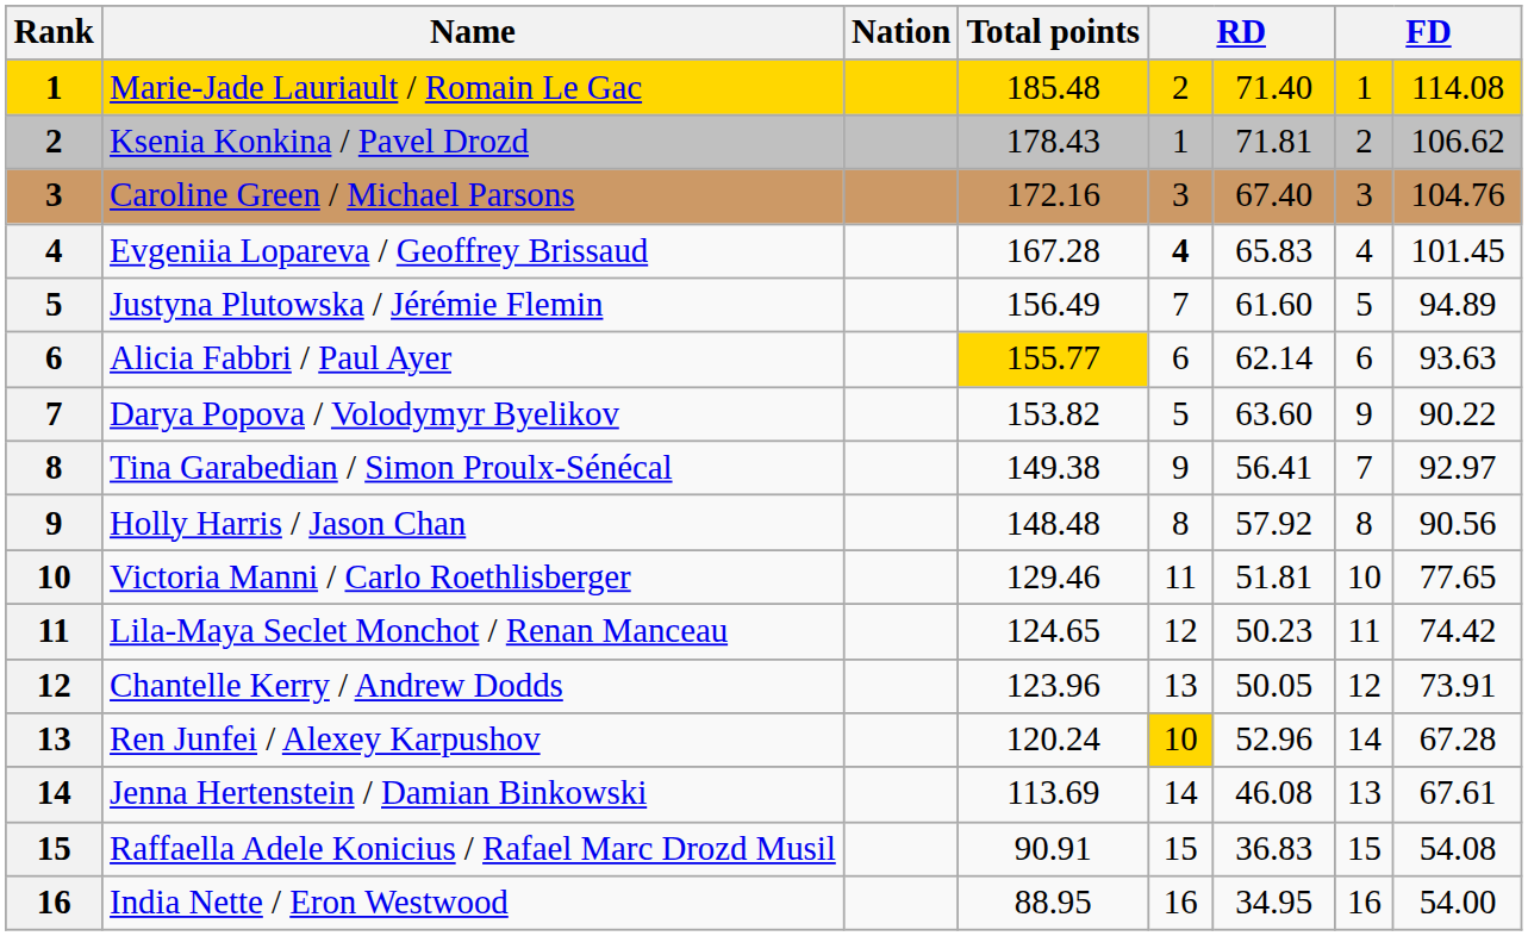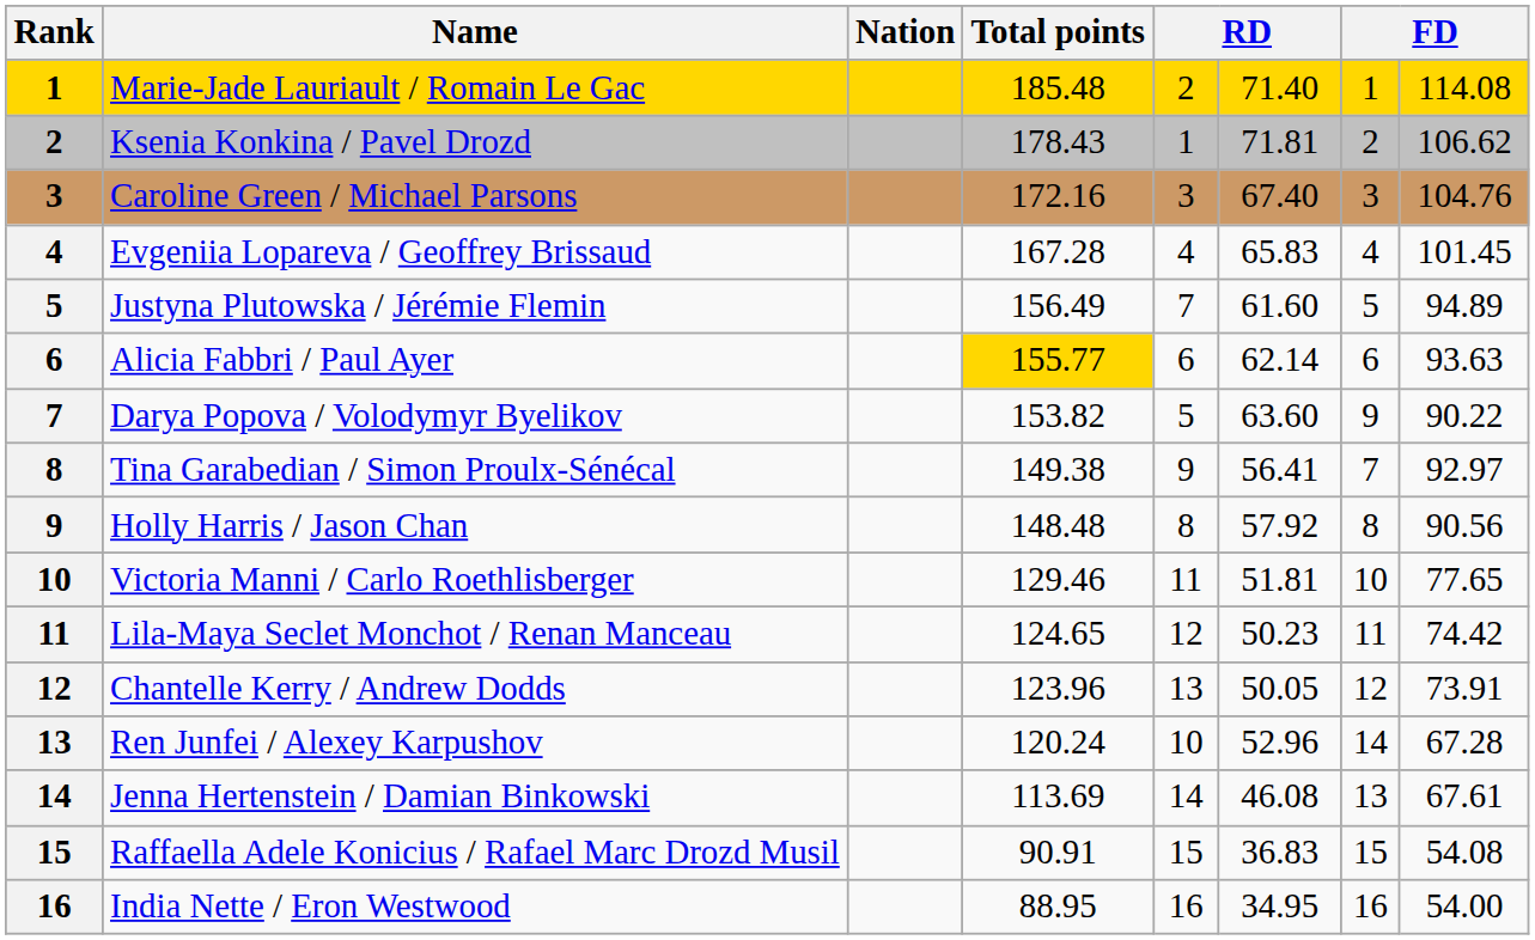 <table class="wikitable sortable">
 <tr>
 <th>Rank</th>
 <th>Name</th>
 <th>Nation</th>
 <th>Total points</th>
 <th colspan="2" width="80px"><a href='#'>RD</a></th>
 <th colspan="2" width="80px"><a href='#'>FD</a></th>
 </tr>
 <tr bgcolor="gold">
 <td align="center"><strong>1</strong></td>
 <td><a href='#'>Marie-Jade Lauriault</a> / <a href='#'>Romain Le Gac</a></td>
 <td></td>
 <td align="center">185.48</td>
 <td align="center">2</td>
 <td align="center">71.40</td>
 <td align="center">1</td>
 <td align="center">114.08</td>
 </tr>
 <tr bgcolor="silver">
 <td align="center"><strong>2</strong></td>
 <td><a href='#'>Ksenia Konkina</a> / <a href='#'>Pavel Drozd</a></td>
 <td></td>
 <td align="center">178.43</td>
 <td align="center">1</td>
 <td align="center">71.81</td>
 <td align="center">2</td>
 <td align="center">106.62</td>
 </tr>
 <tr bgcolor="cc9966">
 <td align="center"><strong>3</strong></td>
 <td><a href='#'>Caroline Green</a> / <a href='#'>Michael Parsons</a></td>
 <td></td>
 <td align="center">172.16</td>
 <td align="center">3</td>
 <td align="center">67.40</td>
 <td align="center">3</td>
 <td align="center">104.76</td>
 </tr>
 <tr>
 <th>4</th>
 <td><a href='#'>Evgeniia Lopareva</a> / <a href='#'>Geoffrey Brissaud</a></td>
 <td></td>
 <td align="center">167.28</td>
-<td align="center"><strong>4</strong></td>
+<td align="center">4</td>
 <td align="center">65.83</td>
 <td align="center">4</td>
 <td align="center">101.45</td>
 </tr>
 <tr>
 <th>5</th>
 <td><a href='#'>Justyna Plutowska</a> / <a href='#'>Jérémie Flemin</a></td>
 <td></td>
 <td align="center">156.49</td>
 <td align="center">7</td>
 <td align="center">61.60</td>
 <td align="center">5</td>
 <td align="center">94.89</td>
 </tr>
 <tr>
 <th>6</th>
 <td><a href='#'>Alicia Fabbri</a> / <a href='#'>Paul Ayer</a></td>
 <td></td>
 <td align="center" style="background: gold;">155.77</td>
 <td align="center">6</td>
 <td align="center">62.14</td>
 <td align="center">6</td>
 <td align="center">93.63</td>
 </tr>
 <tr>
 <th>7</th>
 <td><a href='#'>Darya Popova</a> / <a href='#'>Volodymyr Byelikov</a></td>
 <td></td>
 <td align="center">153.82</td>
 <td align="center">5</td>
 <td align="center">63.60</td>
 <td align="center">9</td>
 <td align="center">90.22</td>
 </tr>
 <tr>
 <th>8</th>
 <td><a href='#'>Tina Garabedian</a> / <a href='#'>Simon Proulx-Sénécal</a></td>
 <td></td>
 <td align="center">149.38</td>
 <td align="center">9</td>
 <td align="center">56.41</td>
 <td align="center">7</td>
 <td align="center">92.97</td>
 </tr>
 <tr>
 <th>9</th>
 <td><a href='#'>Holly Harris</a> / <a href='#'>Jason Chan</a></td>
 <td></td>
 <td align="center">148.48</td>
 <td align="center">8</td>
 <td align="center">57.92</td>
 <td align="center">8</td>
 <td align="center">90.56</td>
 </tr>
 <tr>
 <th>10</th>
 <td><a href='#'>Victoria Manni</a> / <a href='#'>Carlo Roethlisberger</a></td>
 <td></td>
 <td align="center">129.46</td>
 <td align="center">11</td>
 <td align="center">51.81</td>
 <td align="center">10</td>
 <td align="center">77.65</td>
 </tr>
 <tr>
 <th>11</th>
 <td><a href='#'>Lila-Maya Seclet Monchot</a> / <a href='#'>Renan Manceau</a></td>
 <td></td>
 <td align="center">124.65</td>
 <td align="center">12</td>
 <td align="center">50.23</td>
 <td align="center">11</td>
 <td align="center">74.42</td>
 </tr>
 <tr>
 <th>12</th>
 <td><a href='#'>Chantelle Kerry</a> / <a href='#'>Andrew Dodds</a></td>
 <td></td>
 <td align="center">123.96</td>
 <td align="center">13</td>
 <td align="center">50.05</td>
 <td align="center">12</td>
 <td align="center">73.91</td>
 </tr>
 <tr>
 <th>13</th>
 <td><a href='#'>Ren Junfei</a> / <a href='#'>Alexey Karpushov</a></td>
 <td></td>
 <td align="center">120.24</td>
-<td align="center" style="background: gold;">10</td>
+<td align="center">10</td>
 <td align="center">52.96</td>
 <td align="center">14</td>
 <td align="center">67.28</td>
 </tr>
 <tr>
 <th>14</th>
 <td><a href='#'>Jenna Hertenstein</a> / <a href='#'>Damian Binkowski</a></td>
 <td></td>
 <td align="center">113.69</td>
 <td align="center">14</td>
 <td align="center">46.08</td>
 <td align="center">13</td>
 <td align="center">67.61</td>
 </tr>
 <tr>
 <th>15</th>
 <td><a href='#'>Raffaella Adele Konicius</a> / <a href='#'>Rafael Marc Drozd Musil</a></td>
 <td></td>
 <td align="center">90.91</td>
 <td align="center">15</td>
 <td align="center">36.83</td>
 <td align="center">15</td>
 <td align="center">54.08</td>
 </tr>
 <tr>
 <th>16</th>
 <td><a href='#'>India Nette</a> / <a href='#'>Eron Westwood</a></td>
 <td></td>
 <td align="center">88.95</td>
 <td align="center">16</td>
 <td align="center">34.95</td>
 <td align="center">16</td>
 <td align="center">54.00</td>
 </tr>
 </table>
